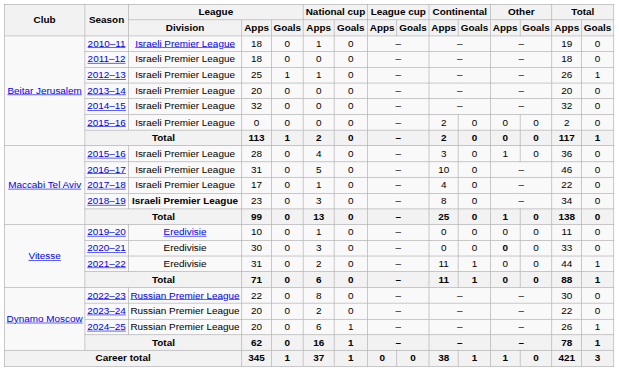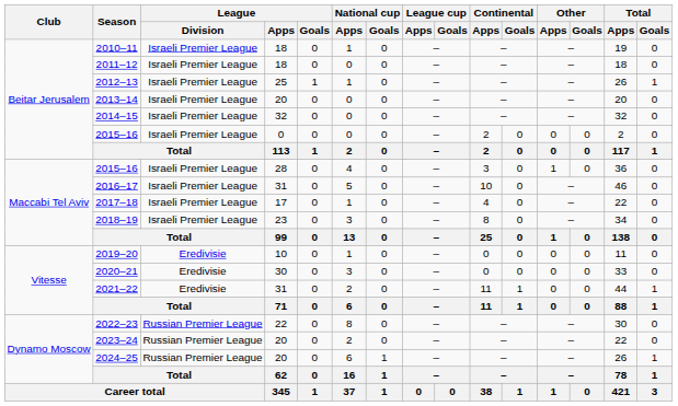 <table class="wikitable" style="text-align: center;">
 <tr>
 <th rowspan=2>Club</th>
 <th rowspan=2>Season</th>
 <th colspan=3>League</th>
 <th colspan=2>National cup</th>
 <th colspan=2>League cup</th>
 <th colspan=2>Continental</th>
 <th colspan=2>Other</th>
 <th colspan=2>Total</th>
 </tr>
 <tr>
 <th>Division</th>
 <th>Apps</th>
 <th>Goals</th>
 <th>Apps</th>
 <th>Goals</th>
 <th>Apps</th>
 <th>Goals</th>
 <th>Apps</th>
 <th>Goals</th>
 <th>Apps</th>
 <th>Goals</th>
 <th>Apps</th>
 <th>Goals</th>
 </tr>
 <tr>
 <td rowspan=7><a href='#'>Beitar Jerusalem</a></td>
 <td><a href='#'>2010–11</a></td>
 <td><a href='#'>Israeli Premier League</a></td>
 <td>18</td>
 <td>0</td>
 <td>1</td>
 <td>0</td>
 <td colspan="2">–</td>
 <td colspan="2">–</td>
 <td colspan=2>–</td>
 <td>19</td>
 <td>0</td>
 </tr>
 <tr>
 <td><a href='#'>2011–12</a></td>
 <td>Israeli Premier League</td>
 <td>18</td>
 <td>0</td>
 <td>0</td>
 <td>0</td>
 <td colspan="2">–</td>
 <td colspan="2">–</td>
 <td colspan="2">–</td>
 <td>18</td>
 <td>0</td>
 </tr>
 <tr>
 <td><a href='#'>2012–13</a></td>
 <td>Israeli Premier League</td>
 <td>25</td>
 <td>1</td>
 <td>1</td>
 <td>0</td>
 <td colspan="2">–</td>
 <td colspan="2">–</td>
 <td colspan="2">–</td>
 <td>26</td>
 <td>1</td>
 </tr>
 <tr>
 <td><a href='#'>2013–14</a></td>
 <td>Israeli Premier League</td>
 <td>20</td>
 <td>0</td>
 <td>0</td>
 <td>0</td>
 <td colspan="2">–</td>
 <td colspan="2">–</td>
 <td colspan="2">–</td>
 <td>20</td>
 <td>0</td>
 </tr>
 <tr>
 <td><a href='#'>2014–15</a></td>
 <td>Israeli Premier League</td>
 <td>32</td>
 <td>0</td>
 <td>0</td>
 <td>0</td>
 <td colspan="2">–</td>
 <td colspan="2">–</td>
 <td colspan="2">–</td>
 <td>32</td>
 <td>0</td>
 </tr>
 <tr>
 <td><a href='#'>2015–16</a></td>
 <td>Israeli Premier League</td>
 <td>0</td>
 <td>0</td>
 <td>0</td>
 <td>0</td>
 <td colspan="2">–</td>
 <td>2</td>
 <td>0</td>
 <td>0</td>
 <td>0</td>
 <td>2</td>
 <td>0</td>
 </tr>
 <tr>
 <th colspan="2">Total</th>
 <th>113</th>
 <th>1</th>
 <th>2</th>
 <th>0</th>
 <th colspan="2">–</th>
 <th>2</th>
 <th>0</th>
 <th>0</th>
 <th>0</th>
 <th>117</th>
 <th>1</th>
 </tr>
 <tr>
 <td rowspan=5><a href='#'>Maccabi Tel Aviv</a></td>
 <td><a href='#'>2015–16</a></td>
 <td>Israeli Premier League</td>
 <td>28</td>
 <td>0</td>
 <td>4</td>
 <td>0</td>
 <td colspan="2">–</td>
 <td>3</td>
 <td>0</td>
 <td>1</td>
 <td>0</td>
 <td>36</td>
 <td>0</td>
 </tr>
 <tr>
 <td><a href='#'>2016–17</a></td>
 <td>Israeli Premier League</td>
 <td>31</td>
 <td>0</td>
 <td>5</td>
 <td>0</td>
 <td colspan=2>–</td>
 <td>10</td>
 <td>0</td>
 <td colspan="2">–</td>
 <td>46</td>
 <td>0</td>
 </tr>
 <tr>
 <td><a href='#'>2017–18</a></td>
 <td>Israeli Premier League</td>
 <td>17</td>
 <td>0</td>
 <td>1</td>
 <td>0</td>
 <td colspan=2>–</td>
 <td>4</td>
 <td>0</td>
 <td colspan="2">–</td>
 <td>22</td>
 <td>0</td>
 </tr>
 <tr>
 <td><a href='#'>2018–19</a></td>
-<td><strong>Israeli Premier League</strong></td>
+<td>Israeli Premier League</td>
 <td>23</td>
 <td>0</td>
 <td>3</td>
 <td>0</td>
 <td colspan=2>–</td>
 <td>8</td>
 <td>0</td>
 <td colspan="2">–</td>
 <td>34</td>
 <td>0</td>
 </tr>
 <tr>
 <th colspan="2">Total</th>
 <th>99</th>
 <th>0</th>
 <th>13</th>
 <th>0</th>
 <th colspan="2">–</th>
 <th>25</th>
 <th>0</th>
 <th>1</th>
 <th>0</th>
 <th>138</th>
 <th>0</th>
 </tr>
 <tr>
 <td rowspan=4><a href='#'>Vitesse</a></td>
 <td><a href='#'>2019–20</a></td>
 <td><a href='#'>Eredivisie</a></td>
 <td>10</td>
 <td>0</td>
 <td>1</td>
 <td>0</td>
 <td colspan="2">–</td>
 <td>0</td>
 <td>0</td>
 <td>0</td>
 <td>0</td>
 <td>11</td>
 <td>0</td>
 </tr>
 <tr>
 <td><a href='#'>2020–21</a></td>
 <td>Eredivisie</td>
 <td>30</td>
 <td>0</td>
 <td>3</td>
 <td>0</td>
 <td colspan="2">–</td>
 <td>0</td>
 <td>0</td>
-<td><strong>0</strong></td>
+<td>0</td>
 <td>0</td>
 <td>33</td>
 <td>0</td>
 </tr>
 <tr>
 <td><a href='#'>2021–22</a></td>
 <td>Eredivisie</td>
 <td>31</td>
 <td>0</td>
 <td>2</td>
 <td>0</td>
 <td colspan="2">–</td>
 <td>11</td>
 <td>1</td>
 <td>0</td>
 <td>0</td>
 <td>44</td>
 <td>1</td>
 </tr>
 <tr>
 <th colspan="2">Total</th>
 <th>71</th>
 <th>0</th>
 <th>6</th>
 <th>0</th>
 <th colspan="2">–</th>
 <th>11</th>
 <th>1</th>
 <th>0</th>
 <th>0</th>
 <th>88</th>
 <th>1</th>
 </tr>
 <tr>
 <td rowspan="4"><a href='#'>Dynamo Moscow</a></td>
 <td><a href='#'>2022–23</a></td>
 <td><a href='#'>Russian Premier League</a></td>
 <td>22</td>
 <td>0</td>
 <td>8</td>
 <td>0</td>
 <td colspan="2">–</td>
 <td colspan="2">–</td>
 <td colspan="2">–</td>
 <td>30</td>
 <td>0</td>
 </tr>
 <tr>
 <td><a href='#'>2023–24</a></td>
 <td>Russian Premier League</td>
 <td>20</td>
 <td>0</td>
 <td>2</td>
 <td>0</td>
 <td colspan="2">–</td>
 <td colspan="2">–</td>
 <td colspan="2">–</td>
 <td>22</td>
 <td>0</td>
 </tr>
 <tr>
 <td><a href='#'>2024–25</a></td>
 <td>Russian Premier League</td>
 <td>20</td>
 <td>0</td>
 <td>6</td>
 <td>1</td>
 <td colspan="2">–</td>
 <td colspan="2">–</td>
 <td colspan="2">–</td>
 <td>26</td>
 <td>1</td>
 </tr>
 <tr>
 <th colspan="2">Total</th>
 <th>62</th>
 <th>0</th>
 <th>16</th>
 <th>1</th>
 <th colspan="2">–</th>
 <th colspan="2">–</th>
 <th colspan="2">–</th>
 <th>78</th>
 <th>1</th>
 </tr>
 <tr>
 <th colspan="3">Career total</th>
 <th>345</th>
 <th>1</th>
 <th>37</th>
 <th>1</th>
 <th>0</th>
 <th>0</th>
 <th>38</th>
 <th>1</th>
 <th>1</th>
 <th>0</th>
 <th>421</th>
 <th>3</th>
 </tr>
 </table>
